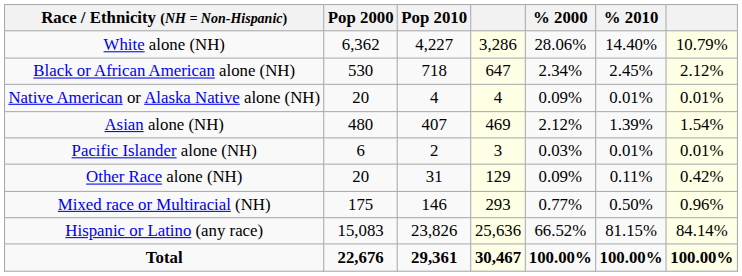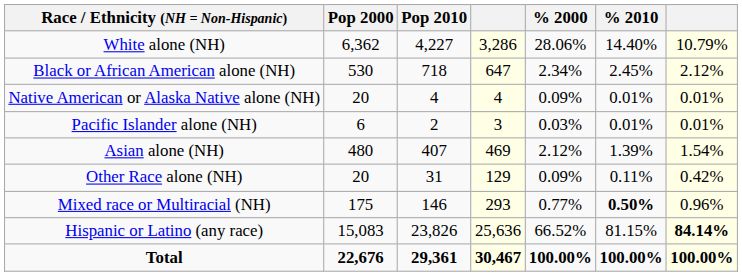 <table class="wikitable"  style="text-align:center;">
 <tr>
 <th>Race / Ethnicity <small>(<em>NH = Non-Hispanic</em>)</small></th>
 <th>Pop 2000</th>
 <th>Pop 2010</th>
 <th></th>
 <th>% 2000</th>
 <th>% 2010</th>
 <th></th>
 </tr>
 <tr>
 <td><a href='#'>White</a> alone (NH)</td>
 <td>6,362</td>
 <td>4,227</td>
 <td style='background: #ffffe6;'>3,286</td>
 <td>28.06%</td>
 <td>14.40%</td>
 <td style='background: #ffffe6;'>10.79%</td>
 </tr>
 <tr>
 <td><a href='#'>Black or African American</a> alone (NH)</td>
 <td>530</td>
 <td>718</td>
 <td style='background: #ffffe6;'>647</td>
 <td>2.34%</td>
 <td>2.45%</td>
 <td style='background: #ffffe6;'>2.12%</td>
 </tr>
 <tr>
 <td><a href='#'>Native American</a> or <a href='#'>Alaska Native</a> alone (NH)</td>
 <td>20</td>
 <td>4</td>
 <td style='background: #ffffe6;'>4</td>
 <td>0.09%</td>
 <td>0.01%</td>
 <td style='background: #ffffe6;'>0.01%</td>
 </tr>
 <tr>
+<td><a href='#'>Pacific Islander</a> alone (NH)</td>
+<td>6</td>
+<td>2</td>
+<td style='background: #ffffe6;'>3</td>
+<td>0.03%</td>
+<td>0.01%</td>
+<td style='background: #ffffe6;'>0.01%</td>
+</tr>
+<tr>
 <td><a href='#'>Asian</a> alone (NH)</td>
 <td>480</td>
 <td>407</td>
 <td style='background: #ffffe6;'>469</td>
 <td>2.12%</td>
 <td>1.39%</td>
 <td style='background: #ffffe6;'>1.54%</td>
-</tr>
-<tr>
-<td><a href='#'>Pacific Islander</a> alone (NH)</td>
-<td>6</td>
-<td>2</td>
-<td style='background: #ffffe6;'>3</td>
-<td>0.03%</td>
-<td>0.01%</td>
-<td style='background: #ffffe6;'>0.01%</td>
 </tr>
 <tr>
 <td><a href='#'>Other Race</a> alone (NH)</td>
 <td>20</td>
 <td>31</td>
 <td style='background: #ffffe6;'>129</td>
 <td>0.09%</td>
 <td>0.11%</td>
 <td style='background: #ffffe6;'>0.42%</td>
 </tr>
 <tr>
 <td><a href='#'>Mixed race or Multiracial</a> (NH)</td>
 <td>175</td>
 <td>146</td>
 <td style='background: #ffffe6;'>293</td>
 <td>0.77%</td>
-<td>0.50%</td>
+<td><strong>0.50%</strong></td>
 <td style='background: #ffffe6;'>0.96%</td>
 </tr>
 <tr>
 <td><a href='#'>Hispanic or Latino</a> (any race)</td>
 <td>15,083</td>
 <td>23,826</td>
 <td style='background: #ffffe6;'>25,636</td>
 <td>66.52%</td>
 <td>81.15%</td>
-<td style='background: #ffffe6;'>84.14%</td>
+<td style='background: #ffffe6;'><strong>84.14%</strong></td>
 </tr>
 <tr>
 <td><strong>Total</strong></td>
 <td><strong>22,676</strong></td>
 <td><strong>29,361</strong></td>
 <td style='background: #ffffe6;'><strong>30,467</strong></td>
 <td><strong>100.00%</strong></td>
 <td><strong>100.00%</strong></td>
 <td style='background: #ffffe6;'><strong>100.00%</strong></td>
 </tr>
 </table>
